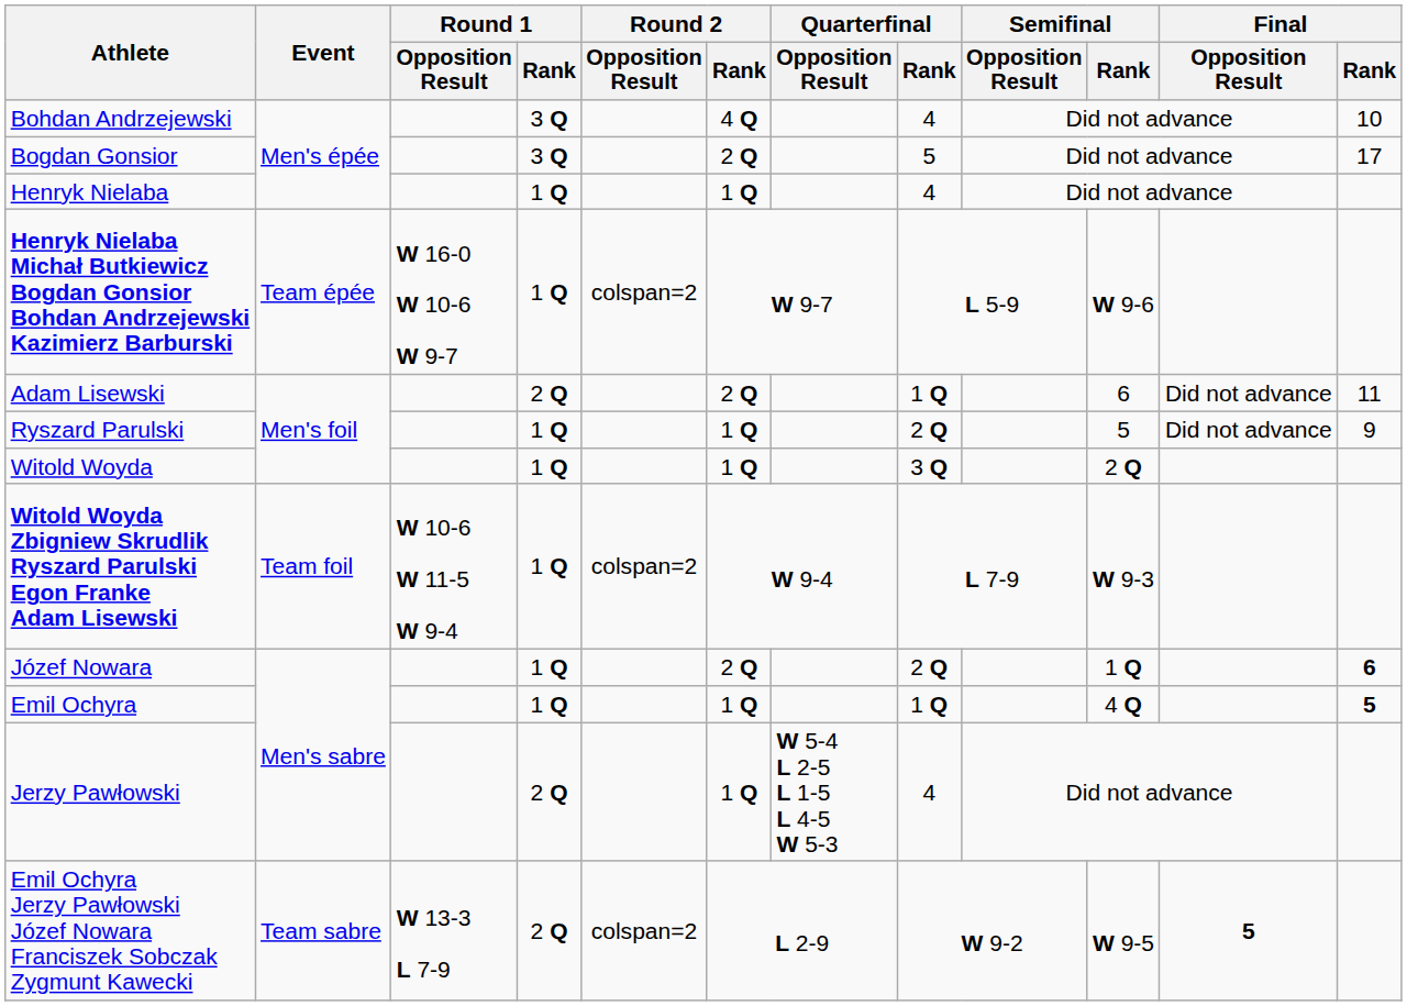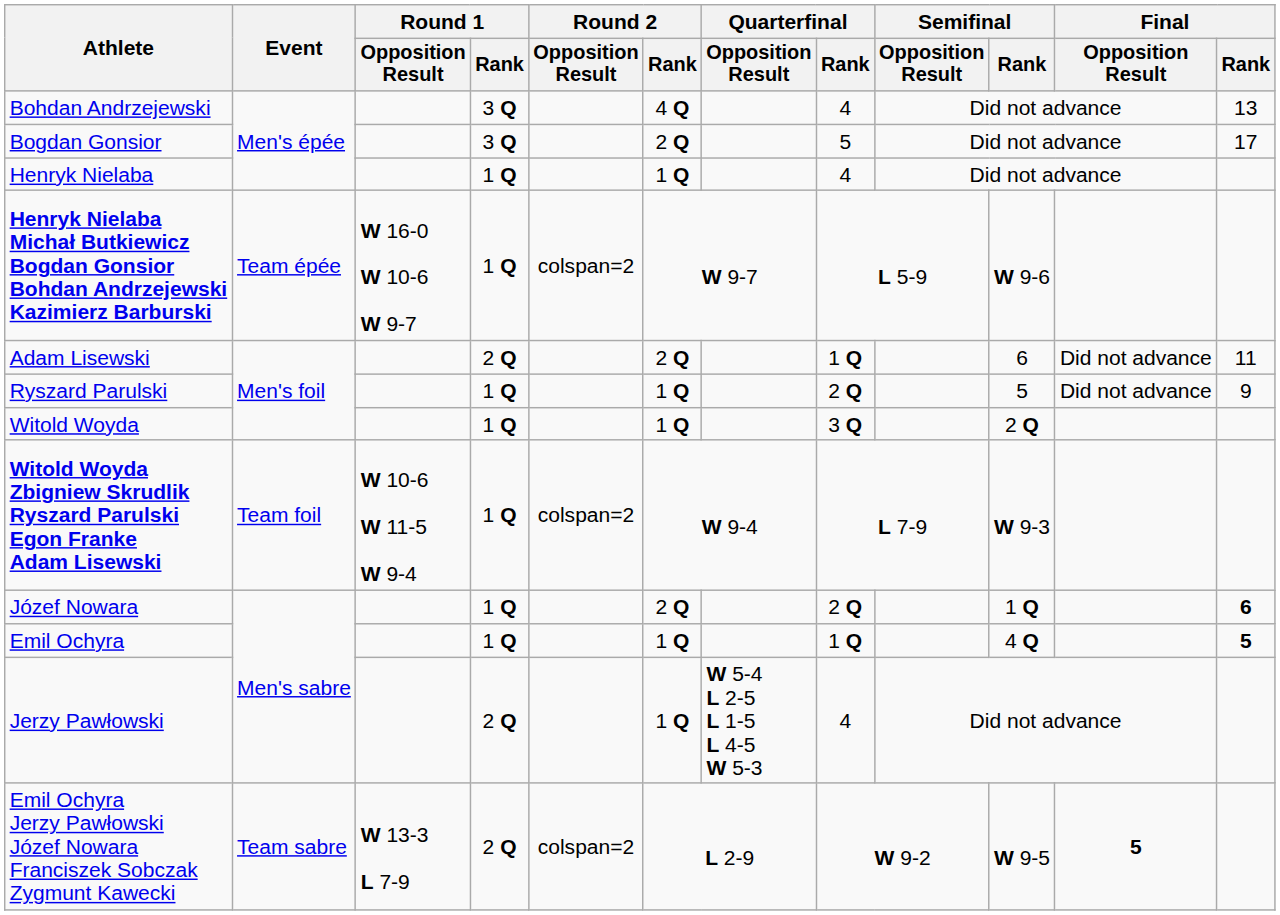 <table class="wikitable" style="font-size:90%;">
 <tr>
 <th rowspan="2">Athlete</th>
 <th rowspan="2">Event</th>
 <th colspan="2">Round 1</th>
 <th colspan="2">Round 2</th>
 <th colspan="2">Quarterfinal</th>
 <th colspan="2">Semifinal</th>
 <th colspan=2>Final</th>
 </tr>
 <tr style="font-size:95%">
 <th>Opposition<br>Result</th>
 <th>Rank</th>
 <th>Opposition<br>Result</th>
 <th>Rank</th>
 <th>Opposition<br>Result</th>
 <th>Rank</th>
 <th>Opposition<br>Result</th>
 <th>Rank</th>
 <th>Opposition<br>Result</th>
 <th>Rank</th>
 </tr>
 <tr align=center>
 <td align=left><a href='#'>Bohdan Andrzejewski</a></td>
 <td align=left rowspan=3><a href='#'>Men's épée</a></td>
 <td></td>
 <td>3 <strong>Q</strong></td>
 <td></td>
 <td>4 <strong>Q</strong></td>
 <td></td>
 <td>4</td>
 <td colspan=3>Did not advance</td>
-<td>10</td>
+<td>13</td>
 </tr>
 <tr align=center>
 <td align=left><a href='#'>Bogdan Gonsior</a></td>
 <td></td>
 <td>3 <strong>Q</strong></td>
 <td></td>
 <td>2 <strong>Q</strong></td>
 <td></td>
 <td>5</td>
 <td colspan=3>Did not advance</td>
 <td>17</td>
 </tr>
 <tr align=center>
 <td align=left><a href='#'>Henryk Nielaba</a></td>
 <td></td>
 <td>1 <strong>Q</strong></td>
 <td></td>
 <td>1 <strong>Q</strong></td>
 <td></td>
 <td>4</td>
 <td colspan=3>Did not advance</td>
 <td></td>
 </tr>
 <tr align=center>
 <td align=left><strong><a href='#'>Henryk Nielaba</a><br><a href='#'>Michał Butkiewicz</a><br><a href='#'>Bogdan Gonsior</a><br><a href='#'>Bohdan Andrzejewski</a><br><a href='#'>Kazimierz Barburski</a></strong></td>
 <td align=left><a href='#'>Team épée</a></td>
 <td align=left><br> <strong>W</strong> 16-0<br><br> <strong>W</strong> 10-6<br><br> <strong>W</strong> 9-7</td>
 <td>1 <strong>Q</strong></td>
 <td>colspan=2 </td>
 <td colspan=2><br> <strong>W</strong> 9-7</td>
 <td colspan=2><br> <strong>L</strong> 5-9</td>
 <td><br> <strong>W</strong> 9-6</td>
 <td></td>
 </tr>
 <tr align=center>
 <td align=left><a href='#'>Adam Lisewski</a></td>
 <td align=left rowspan=3><a href='#'>Men's foil</a></td>
 <td></td>
 <td>2 <strong>Q</strong></td>
 <td></td>
 <td>2 <strong>Q</strong></td>
 <td></td>
 <td>1 <strong>Q</strong></td>
 <td></td>
 <td>6</td>
 <td colspan=1>Did not advance</td>
 <td>11</td>
 </tr>
 <tr align=center>
 <td align=left><a href='#'>Ryszard Parulski</a></td>
 <td></td>
 <td>1 <strong>Q</strong></td>
 <td></td>
 <td>1 <strong>Q</strong></td>
 <td></td>
 <td>2 <strong>Q</strong></td>
 <td></td>
 <td>5</td>
 <td colspan=1>Did not advance</td>
 <td>9</td>
 </tr>
 <tr align=center>
 <td align=left><a href='#'>Witold Woyda</a></td>
 <td></td>
 <td>1 <strong>Q</strong></td>
 <td></td>
 <td>1 <strong>Q</strong></td>
 <td></td>
 <td>3 <strong>Q</strong></td>
 <td></td>
 <td>2 <strong>Q</strong></td>
 <td></td>
 <td></td>
 </tr>
 <tr align=center>
 <td align=left><strong><a href='#'>Witold Woyda</a><br><a href='#'>Zbigniew Skrudlik</a><br><a href='#'>Ryszard Parulski</a><br><a href='#'>Egon Franke</a><br><a href='#'>Adam Lisewski</a></strong></td>
 <td align=left><a href='#'>Team foil</a></td>
 <td align=left><br> <strong>W</strong> 10-6<br><br> <strong>W</strong> 11-5<br><br> <strong>W</strong> 9-4</td>
 <td>1 <strong>Q</strong></td>
 <td>colspan=2 </td>
 <td colspan=2><br> <strong>W</strong> 9-4</td>
 <td colspan=2><br> <strong>L</strong> 7-9</td>
 <td><br> <strong>W</strong> 9-3</td>
 <td></td>
 </tr>
 <tr align=center>
 <td align=left><a href='#'>Józef Nowara</a></td>
 <td align=left rowspan=3><a href='#'>Men's sabre</a></td>
 <td></td>
 <td>1 <strong>Q</strong></td>
 <td></td>
 <td>2 <strong>Q</strong></td>
 <td></td>
 <td>2 <strong>Q</strong></td>
 <td></td>
 <td>1 <strong>Q</strong></td>
 <td></td>
 <td><strong>6</strong></td>
 </tr>
 <tr align=center>
 <td align=left><a href='#'>Emil Ochyra</a></td>
 <td></td>
 <td>1 <strong>Q</strong></td>
 <td></td>
 <td>1 <strong>Q</strong></td>
 <td></td>
 <td>1 <strong>Q</strong></td>
 <td></td>
 <td>4 <strong>Q</strong></td>
 <td></td>
 <td><strong>5</strong></td>
 </tr>
 <tr align=center>
 <td align=left><a href='#'>Jerzy Pawłowski</a></td>
 <td></td>
 <td>2 <strong>Q</strong></td>
 <td></td>
 <td>1 <strong>Q</strong></td>
 <td align=left> <strong>W</strong> 5-4<br> <strong>L</strong> 2-5<br> <strong>L</strong> 1-5<br> <strong>L</strong> 4-5<br> <strong>W</strong> 5-3</td>
 <td>4</td>
 <td colspan=3>Did not advance</td>
 <td></td>
 </tr>
 <tr align=center>
 <td align=left><a href='#'>Emil Ochyra</a><br><a href='#'>Jerzy Pawłowski</a><br><a href='#'>Józef Nowara</a><br><a href='#'>Franciszek Sobczak</a><br><a href='#'>Zygmunt Kawecki</a></td>
 <td align=left><a href='#'>Team sabre</a></td>
 <td align=left><br> <strong>W</strong> 13-3<br><br> <strong>L</strong> 7-9</td>
 <td>2 <strong>Q</strong></td>
 <td>colspan=2 </td>
 <td colspan=2><br> <strong>L</strong> 2-9</td>
 <td colspan=2><br> <strong>W</strong> 9-2</td>
 <td><br> <strong>W</strong> 9-5</td>
 <td><strong>5</strong></td>
 </tr>
 </table>
